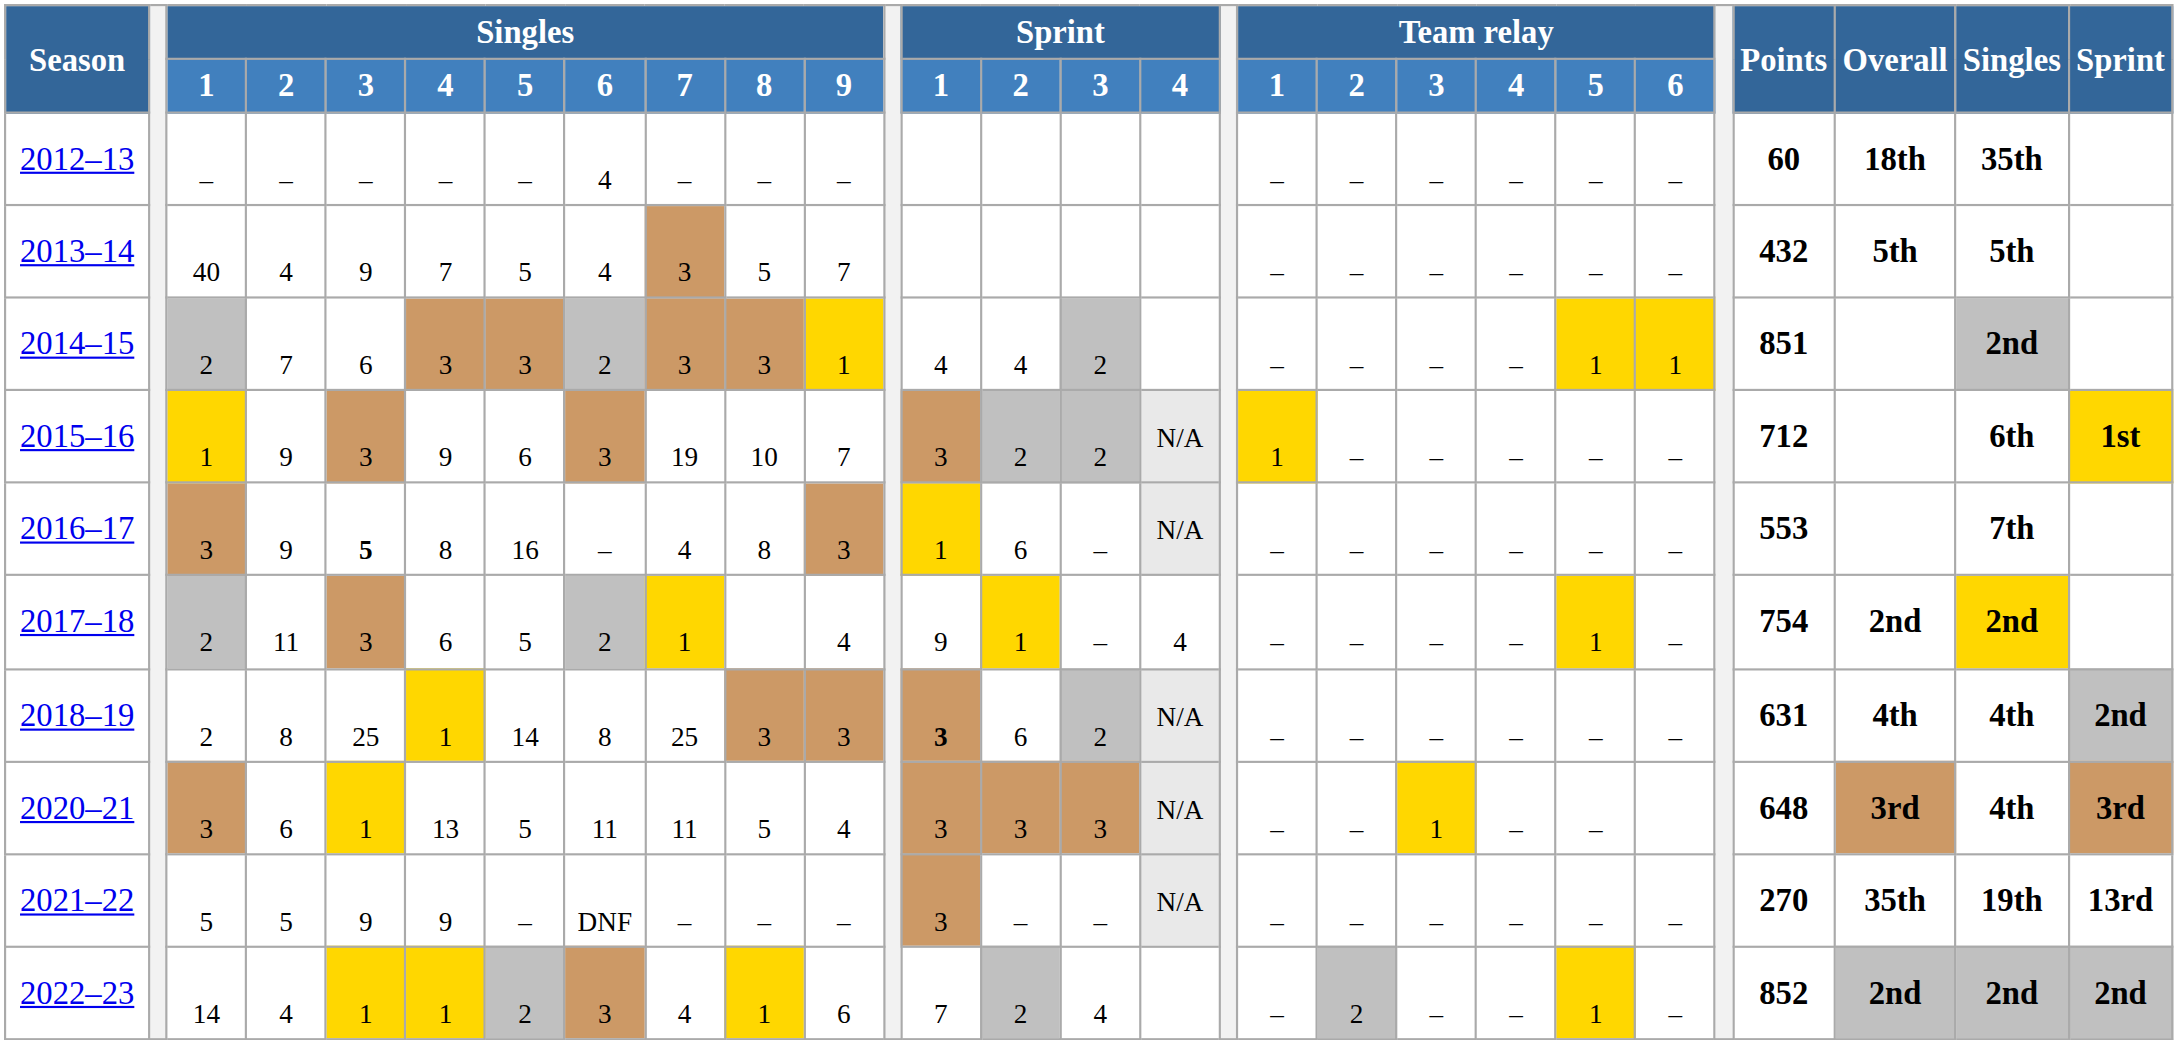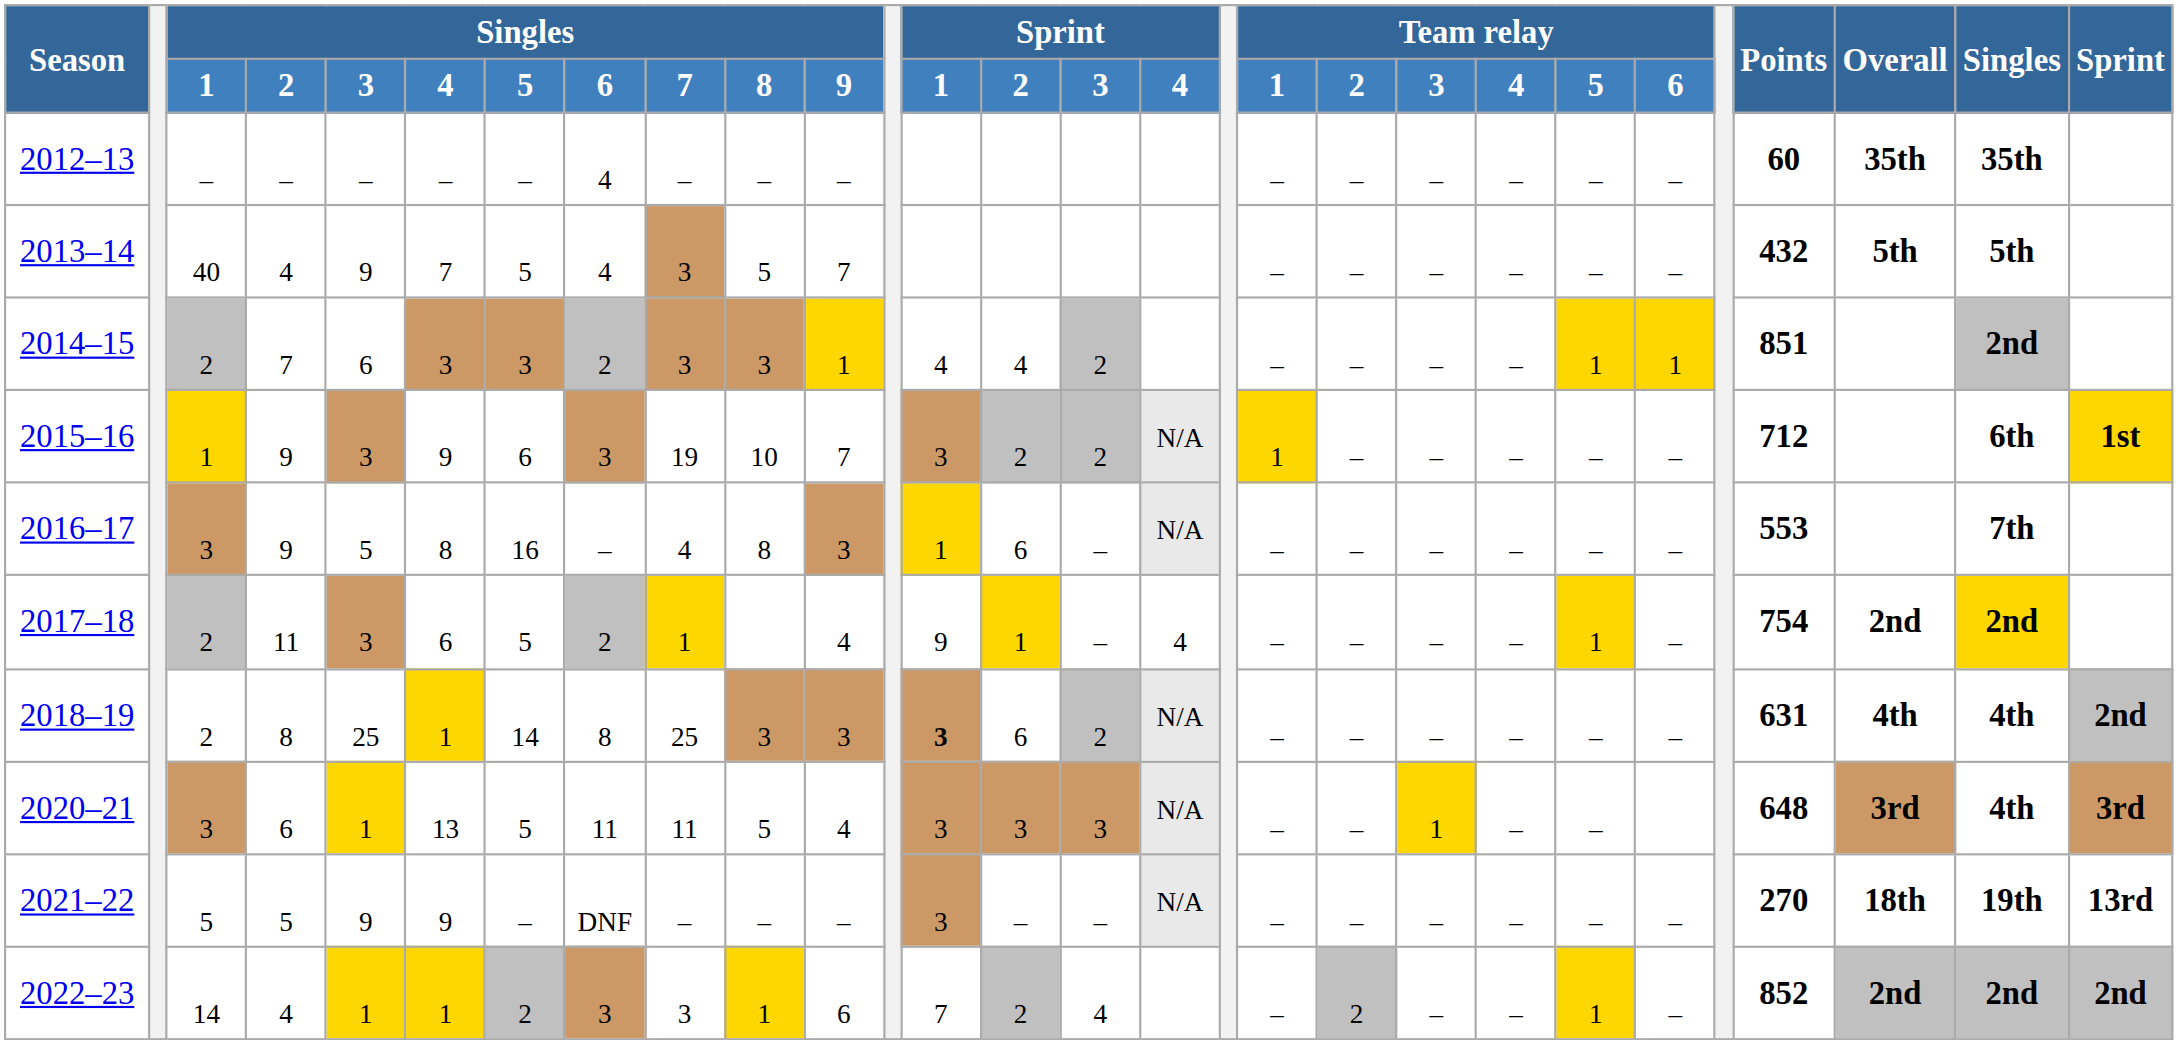 <table class="wikitable" style="font-size:95%; text-align:center; border:grey solid 1px; border-collapse:collapse; background:#ffffff;">
 <tr>
 <th rowspan="2" style="background-color:#369; color:white; width:60px">Season</th>
 <th rowspan="12" width="1px"></th>
 <th colspan="9" style="background-color:#369; color:white;">Singles</th>
 <th rowspan="12" width="1px"></th>
 <th colspan="4" style="background-color:#369; color:white;">Sprint</th>
 <th rowspan="12" width="1px"></th>
 <th colspan="6" style="background-color:#369; color:white;">Team relay</th>
 <th rowspan="12" width="1px"></th>
 <th rowspan="2" style="background-color:#369; color:white; width:40px">Points</th>
 <th rowspan="2" style="background-color:#369; color:white; width:40px">Overall</th>
 <th rowspan="2" style="background-color:#369; color:white; width:40px">Singles</th>
 <th rowspan="2" style="background-color:#369; color:white; width:40px">Sprint</th>
 </tr>
 <tr>
 <th style="background-color:#4180be; color:white; width:30px">1</th>
 <th style="background-color:#4180be; color:white; width:30px">2</th>
 <th style="background-color:#4180be; color:white; width:30px">3</th>
 <th style="background-color:#4180be; color:white; width:30px">4</th>
 <th style="background-color:#4180be; color:white; width:30px">5</th>
 <th style="background-color:#4180be; color:white; width:30px">6</th>
 <th style="background-color:#4180be; color:white; width:30px">7</th>
 <th style="background-color:#4180be; color:white; width:30px">8</th>
 <th style="background-color:#4180be; color:white; width:30px">9</th>
 <th style="background-color:#4180be; color:white; width:30px">1</th>
 <th style="background-color:#4180be; color:white; width:30px">2</th>
 <th style="background-color:#4180be; color:white; width:30px">3</th>
 <th style="background-color:#4180be; color:white; width:30px">4</th>
 <th style="background-color:#4180be; color:white; width:30px">1</th>
 <th style="background-color:#4180be; color:white; width:30px">2</th>
 <th style="background-color:#4180be; color:white; width:30px">3</th>
 <th style="background-color:#4180be; color:white; width:30px">4</th>
 <th style="background-color:#4180be; color:white; width:30px">5</th>
 <th style="background-color:#4180be; color:white; width:30px">6</th>
 </tr>
 <tr>
 <td><a href='#'>2012–13</a></td>
 <td><br><small>–</small></td>
 <td><br><small>–</small></td>
 <td><br><small>–</small></td>
 <td><br><small>–</small></td>
 <td><br><small>–</small></td>
 <td><br><small>4</small></td>
 <td><br><small>–</small></td>
 <td><br><small>–</small></td>
 <td><br><small>–</small></td>
 <td></td>
 <td></td>
 <td></td>
 <td></td>
 <td><br><small>–</small></td>
 <td><br><small>–</small></td>
 <td><br><small>–</small></td>
 <td><br><small>–</small></td>
 <td><br><small>–</small></td>
 <td><br><small>–</small></td>
 <td><strong>60</strong></td>
-<td><strong>18th</strong></td>
+<td><strong>35th</strong></td>
 <td><strong>35th</strong></td>
 <td></td>
 </tr>
 <tr>
 <td><a href='#'>2013–14</a></td>
 <td><br><small>40</small></td>
 <td><br><small>4</small></td>
 <td><br><small>9</small></td>
 <td><br><small>7</small></td>
 <td><br><small>5</small></td>
 <td><br><small>4</small></td>
 <td style="background:#cc9966;"><br><small>3</small></td>
 <td><br><small>5</small></td>
 <td><br><small>7</small></td>
 <td></td>
 <td></td>
 <td></td>
 <td></td>
 <td><br><small>–</small></td>
 <td><br><small>–</small></td>
 <td><br><small>–</small></td>
 <td><br><small>–</small></td>
 <td><br><small>–</small></td>
 <td><br><small>–</small></td>
 <td><strong>432</strong></td>
 <td><strong>5th</strong></td>
 <td><strong>5th</strong></td>
 <td></td>
 </tr>
 <tr>
 <td><a href='#'>2014–15</a></td>
 <td style="background:silver;"><br><small>2</small></td>
 <td><br><small>7</small></td>
 <td><br><small>6</small></td>
 <td style="background:#cc9966;"><br><small>3</small></td>
 <td style="background:#cc9966;"><br><small>3</small></td>
 <td style="background:silver;"><br><small>2</small></td>
 <td style="background:#cc9966;"><br><small>3</small></td>
 <td style="background:#cc9966;"><br><small>3</small></td>
 <td style="background:gold;"><br><small>1</small></td>
 <td><br><small>4</small></td>
 <td><br><small>4</small></td>
 <td style="background:silver;"><br><small>2</small></td>
 <td></td>
 <td><br><small>–</small></td>
 <td><br><small>–</small></td>
 <td><br><small>–</small></td>
 <td><br><small>–</small></td>
 <td style="background:gold;"><br><small>1</small></td>
 <td style="background:gold;"><br><small>1</small></td>
 <td><strong>851</strong></td>
 <td></td>
 <td style="background:silver;"><strong>2nd</strong></td>
 <td></td>
 </tr>
 <tr>
 <td><a href='#'>2015–16</a></td>
 <td style="background:gold;"><br><small>1</small></td>
 <td><br><small>9</small></td>
 <td style="background:#cc9966;"><br><small>3</small></td>
 <td><br><small>9</small></td>
 <td><br><small>6</small></td>
 <td style="background:#cc9966;"><br><small>3</small></td>
 <td><br><small>19</small></td>
 <td><br><small>10</small></td>
 <td><br><small>7</small></td>
 <td style="background:#cc9966;"><br><small>3</small></td>
 <td style="background:silver;"><br><small>2</small></td>
 <td style="background:silver;"><br><small>2</small></td>
 <td bgcolor=#E9E9E9><small>N/A</small></td>
 <td style="background:gold;"><br><small>1</small></td>
 <td><br><small>–</small></td>
 <td><br><small>–</small></td>
 <td><br><small>–</small></td>
 <td><br><small>–</small></td>
 <td><br><small>–</small></td>
 <td><strong>712</strong></td>
 <td></td>
 <td><strong>6th</strong></td>
 <td style="background:gold;"><strong>1st</strong></td>
 </tr>
 <tr>
 <td><a href='#'>2016–17</a></td>
 <td style="background:#cc9966;"><br><small>3</small></td>
 <td><br><small>9</small></td>
-<td><strong><br><small>5</small></strong></td>
+<td><br><small>5</small></td>
 <td><br><small>8</small></td>
 <td><br><small>16</small></td>
 <td><br><small>–</small></td>
 <td><br><small>4</small></td>
 <td><br><small>8</small></td>
 <td style="background:#cc9966;"><br><small>3</small></td>
 <td style="background:gold;"><br><small>1</small></td>
 <td><br><small>6</small></td>
 <td><br><small>–</small></td>
 <td bgcolor=#E9E9E9><small>N/A</small></td>
 <td><br><small>–</small></td>
 <td><br><small>–</small></td>
 <td><br><small>–</small></td>
 <td><br><small>–</small></td>
 <td><br><small>–</small></td>
 <td><br><small>–</small></td>
 <td><strong>553</strong></td>
 <td></td>
 <td><strong>7th</strong></td>
 <td></td>
 </tr>
 <tr>
 <td><a href='#'>2017–18</a></td>
 <td style="background:silver;"><br><small>2</small></td>
 <td><br><small>11</small></td>
 <td style="background:#cc9966;"><br><small>3</small></td>
 <td><br><small>6</small></td>
 <td><br><small>5</small></td>
 <td style="background:silver;"><br><small>2</small></td>
 <td style="background:gold;"><br><small>1</small></td>
 <td><br><small></small></td>
 <td><br><small>4</small></td>
 <td><br><small>9</small></td>
 <td style="background:gold;"><br><small>1</small></td>
 <td><br><small>–</small></td>
 <td><br><small>4</small></td>
 <td><br><small>–</small></td>
 <td><br><small>–</small></td>
 <td><br><small>–</small></td>
 <td><br><small>–</small></td>
 <td style="background:gold;"><br><small>1</small></td>
 <td><br><small>–</small></td>
 <td><strong>754</strong></td>
 <td><strong>2nd</strong></td>
 <td style="background:gold;"><strong>2nd</strong></td>
 <td></td>
 </tr>
 <tr>
 <td><a href='#'>2018–19</a></td>
 <td><br><small>2</small></td>
 <td><br><small>8</small></td>
 <td><br><small>25</small></td>
 <td style="background:gold;"><br><small>1</small></td>
 <td><br><small>14</small></td>
 <td><br><small>8</small></td>
 <td><br><small>25</small></td>
 <td style="background:#cc9966;"><br><small>3</small></td>
 <td style="background:#cc9966;"><br><small>3</small></td>
 <td style="background:#cc9966;"><strong><br><small>3</small></strong></td>
 <td><br><small>6</small></td>
 <td style="background:silver;"><br><small>2</small></td>
 <td bgcolor=#E9E9E9><small>N/A</small></td>
 <td><br><small>–</small></td>
 <td><br><small>–</small></td>
 <td><br><small>–</small></td>
 <td><br><small>–</small></td>
 <td><br><small>–</small></td>
 <td><br><small>–</small></td>
 <td><strong>631</strong></td>
 <td><strong>4th</strong></td>
 <td><strong>4th</strong></td>
 <td style="background:silver;"><strong>2nd</strong></td>
 </tr>
 <tr>
 <td><a href='#'>2020–21</a></td>
 <td style="background:#cc9966;"><br><small>3</small></td>
 <td><br><small>6</small></td>
 <td style="background:gold;"><br><small>1</small></td>
 <td><br><small>13</small></td>
 <td><br><small>5</small></td>
 <td><br><small>11</small></td>
 <td><br><small>11</small></td>
 <td><br><small>5</small></td>
 <td><br><small>4</small></td>
 <td style="background:#cc9966;"><br><small>3</small></td>
 <td style="background:#cc9966;"><br><small>3</small></td>
 <td style="background:#cc9966;"><br><small>3</small></td>
 <td bgcolor=#E9E9E9><small>N/A</small></td>
 <td><br><small>–</small></td>
 <td><br><small>–</small></td>
 <td style="background:gold;"><br><small>1</small></td>
 <td><br><small>–</small></td>
 <td><br><small>–</small></td>
 <td><br><small></small></td>
 <td><strong>648</strong></td>
 <td style="background:#cc9966;"><strong>3rd</strong></td>
 <td><strong>4th</strong></td>
 <td style="background:#cc9966;"><strong>3rd</strong></td>
 </tr>
 <tr>
 <td><a href='#'>2021–22</a></td>
 <td><br><small>5</small></td>
 <td><br><small>5</small></td>
 <td><br><small>9</small></td>
 <td><br><small>9</small></td>
 <td><br><small>–</small></td>
 <td><br><small>DNF</small></td>
 <td><br><small>–</small></td>
 <td><br><small>–</small></td>
 <td><br><small>–</small></td>
 <td style="background:#cc9966;"><br><small>3</small></td>
 <td><br><small>–</small></td>
 <td><br><small>–</small></td>
 <td bgcolor=#E9E9E9><small>N/A</small></td>
 <td><br><small>–</small></td>
 <td><br><small>–</small></td>
 <td><br><small>–</small></td>
 <td><br><small>–</small></td>
 <td><br><small>–</small></td>
 <td><br><small>–</small></td>
 <td><strong>270</strong></td>
-<td><strong>35th</strong></td>
+<td><strong>18th</strong></td>
 <td><strong>19th</strong></td>
 <td><strong>13rd</strong></td>
 </tr>
 <tr>
 <td><a href='#'>2022–23</a></td>
 <td><br><small>14</small></td>
 <td><br><small>4</small></td>
 <td style="background:gold;"><br><small>1</small></td>
 <td style="background:gold;"><br><small>1</small></td>
 <td style="background:silver;"><br><small>2</small></td>
 <td style="background:#cc9966;"><br><small>3</small></td>
-<td><br><small>4</small></td>
+<td><br><small>3</small></td>
 <td style="background:gold;"><br><small>1</small></td>
 <td><br><small>6</small></td>
 <td><br><small>7</small></td>
 <td style="background:silver;"><br><small>2</small></td>
 <td><br><small> 4</small></td>
 <td></td>
 <td><br><small>–</small></td>
 <td style="background:silver;"><br><small>2</small></td>
 <td><br><small>–</small></td>
 <td><br><small>–</small></td>
 <td style="background:gold;"><br><small>1</small></td>
 <td><br><small>–</small></td>
 <td><strong>852</strong></td>
 <td style="background:silver;"><strong>2nd</strong></td>
 <td style="background:silver;"><strong>2nd</strong></td>
 <td style="background:silver;"><strong>2nd</strong></td>
 </tr>
 </table>
